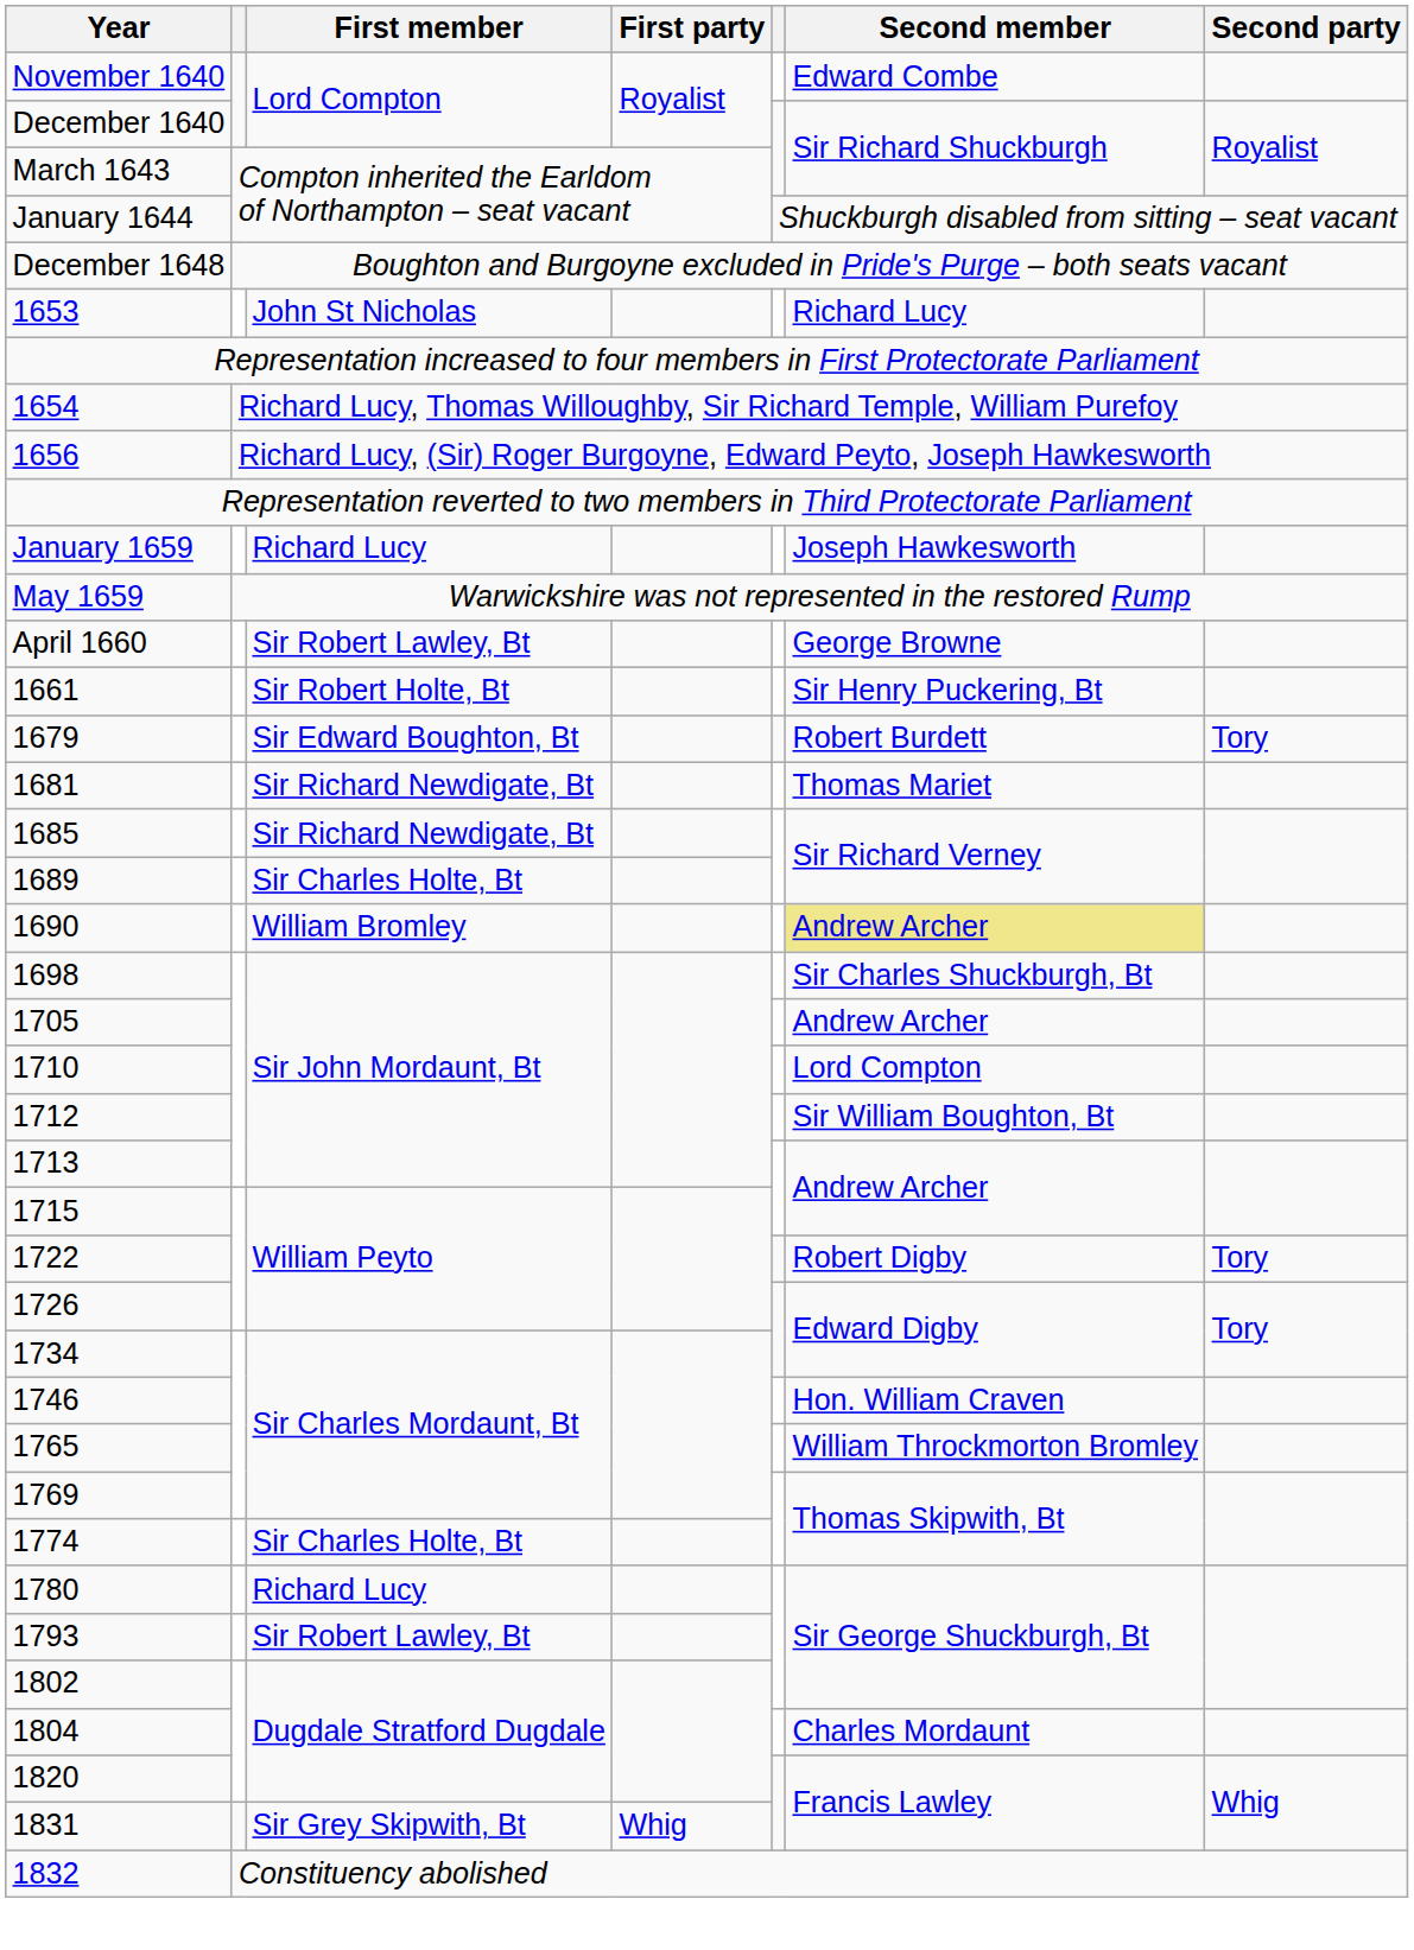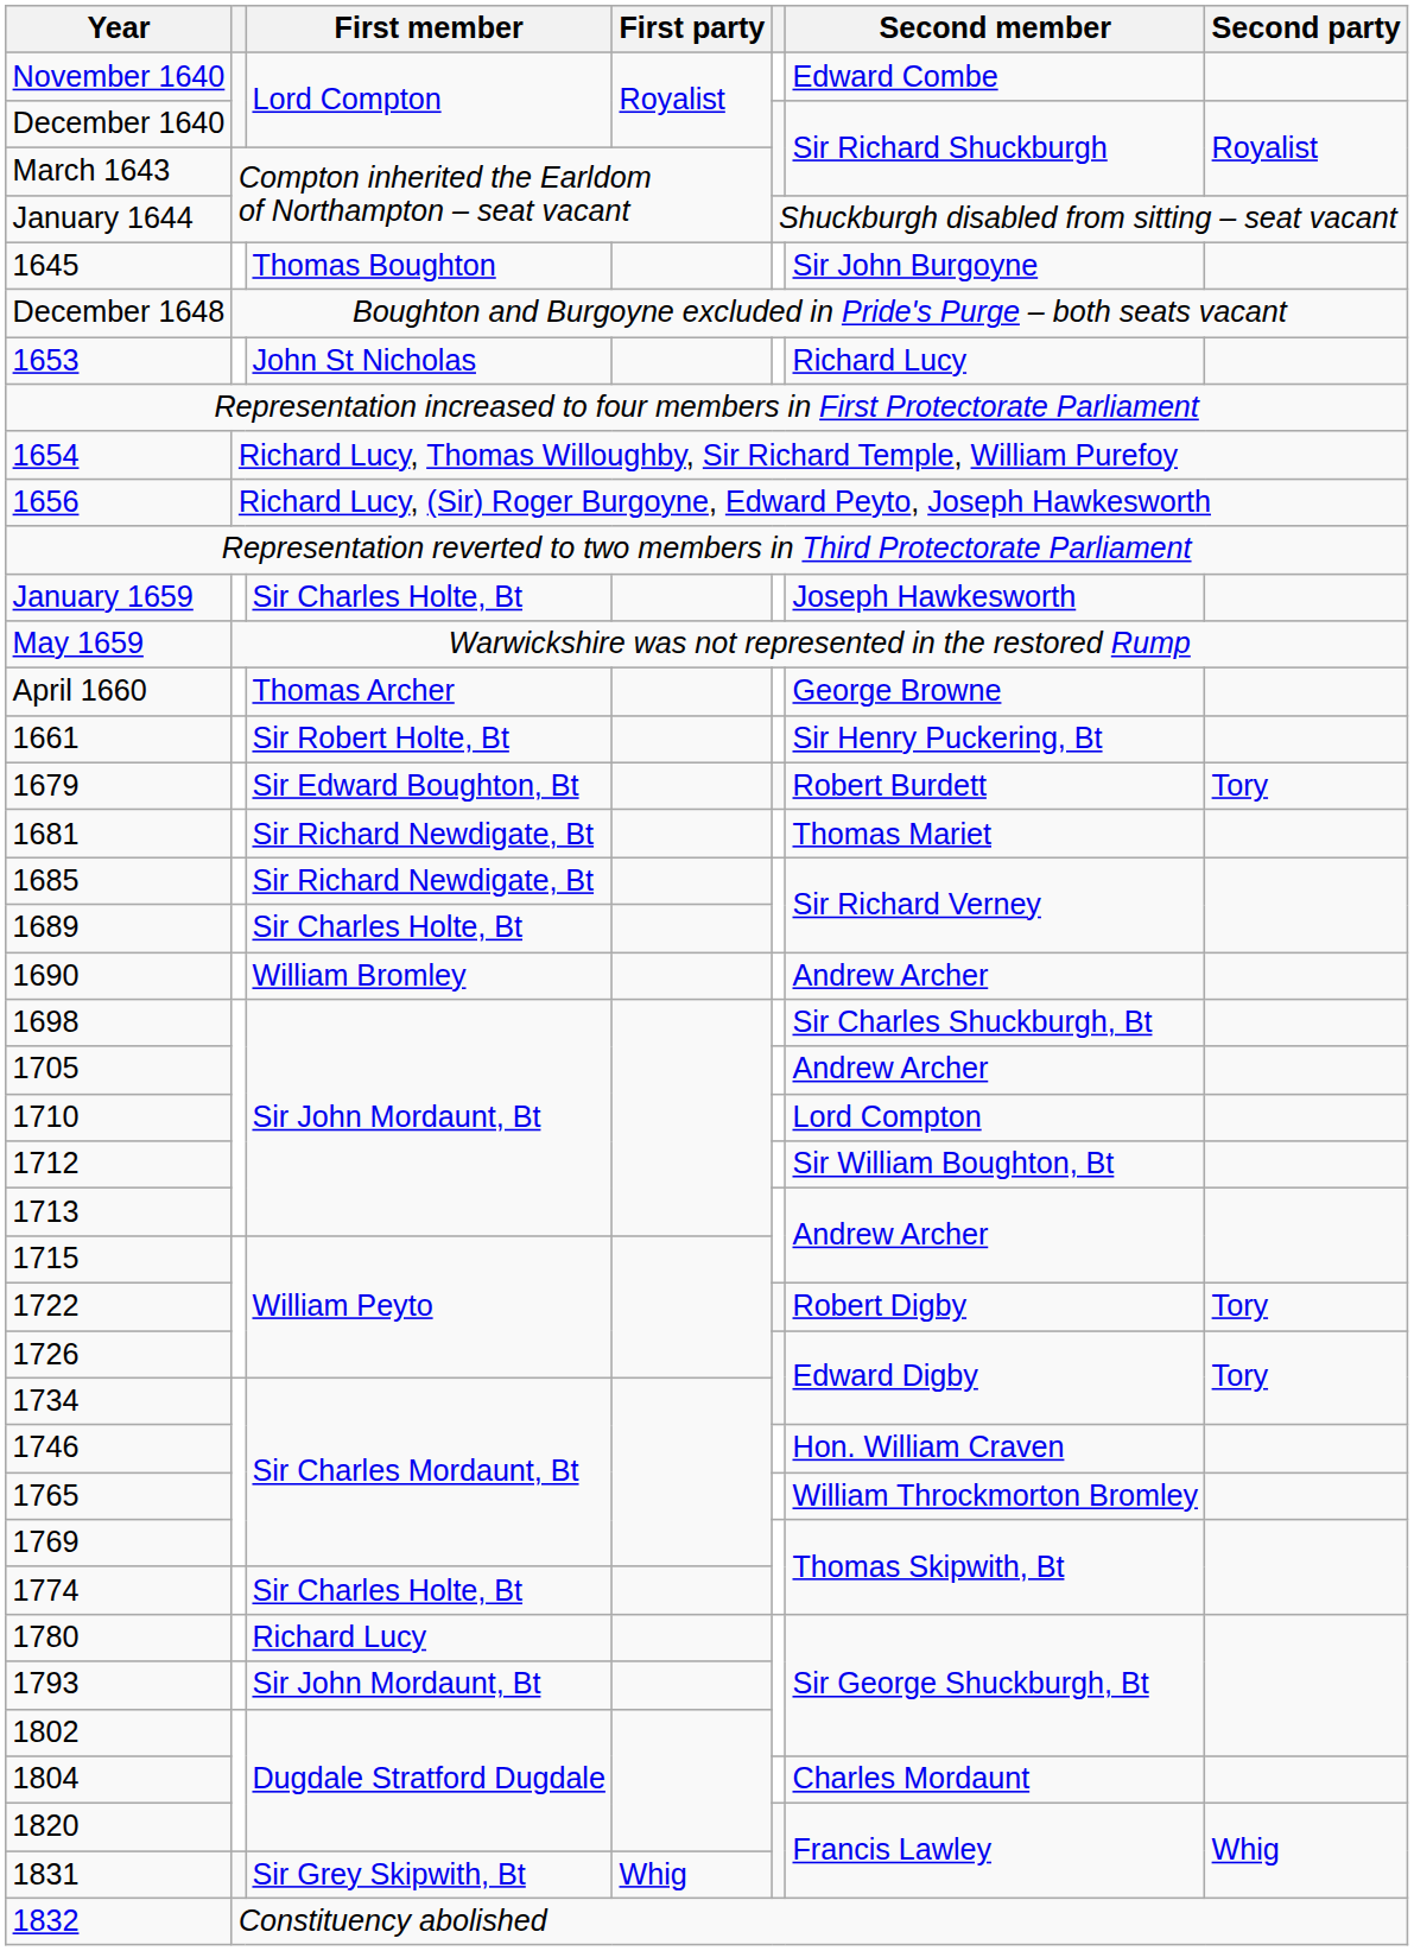 <table class="wikitable">
 <tr>
 <th>Year</th>
 <th></th>
 <th>First member</th>
 <th>First party</th>
 <th></th>
 <th>Second member</th>
 <th>Second party</th>
 </tr>
 <tr>
 <td><a href='#'>November 1640</a></td>
 <td rowspan="2" style="color:inherit;background-color: "></td>
 <td rowspan="2"><a href='#'>Lord Compton</a></td>
 <td rowspan="2"><a href='#'>Royalist</a></td>
 <td style="color:inherit;background-color: white"></td>
 <td><a href='#'>Edward Combe</a></td>
 <td></td>
 </tr>
 <tr>
 <td>December 1640</td>
 <td rowspan="2" style="color:inherit;background-color: "></td>
 <td rowspan="2"><a href='#'>Sir Richard Shuckburgh</a></td>
 <td rowspan="2"><a href='#'>Royalist</a></td>
 </tr>
 <tr>
 <td>March 1643</td>
 <td rowspan="2" colspan="3"><em>Compton inherited the Earldom<br>of Northampton – seat vacant</em></td>
 </tr>
 <tr>
 <td>January 1644</td>
 <td colspan="3"><em>Shuckburgh disabled from sitting – seat vacant</em></td>
 </tr>
 <tr>
+<td>1645</td>
+<td style="color:inherit;background-color: white"></td>
+<td><a href='#'>Thomas Boughton</a></td>
+<td></td>
+<td style="color:inherit;background-color: white"></td>
+<td><a href='#'>Sir John Burgoyne</a></td>
+<td></td>
+</tr>
+<tr>
 <td>December 1648</td>
 <td colspan="6" align=center><em>Boughton and Burgoyne excluded in <a href='#'>Pride's Purge</a> – both seats vacant</em></td>
 </tr>
 <tr>
 <td><a href='#'>1653</a></td>
 <td style="color:inherit;background-color: white"></td>
 <td><a href='#'>John St Nicholas</a></td>
 <td></td>
 <td style="color:inherit;background-color: white"></td>
 <td><a href='#'>Richard Lucy</a></td>
 <td></td>
 </tr>
 <tr>
 <td colspan="7" align=center><em>Representation increased to four members in <a href='#'>First Protectorate Parliament</a></em></td>
 </tr>
 <tr>
 <td><a href='#'>1654</a></td>
 <td colspan="6"><a href='#'>Richard Lucy</a>, <a href='#'>Thomas Willoughby</a>, <a href='#'>Sir Richard Temple</a>, <a href='#'>William Purefoy</a></td>
 </tr>
 <tr>
 <td><a href='#'>1656</a></td>
 <td colspan="6"><a href='#'>Richard Lucy</a>, <a href='#'>(Sir) Roger Burgoyne</a>, <a href='#'>Edward Peyto</a>, <a href='#'>Joseph Hawkesworth</a></td>
 </tr>
 <tr>
 <td colspan="7" align=center><em>Representation reverted to two members in <a href='#'>Third Protectorate Parliament</a></em></td>
 </tr>
 <tr>
 <td><a href='#'>January 1659</a></td>
 <td style="color:inherit;background-color: white"></td>
-<td><a href='#'>Richard Lucy</a></td>
+<td><a href='#'>Sir Charles Holte, Bt</a></td>
 <td></td>
 <td style="color:inherit;background-color: white"></td>
 <td><a href='#'>Joseph Hawkesworth</a></td>
 <td></td>
 </tr>
 <tr>
 <td><a href='#'>May 1659</a></td>
 <td colspan="6" align=center><em>Warwickshire was not represented in the restored <a href='#'>Rump</a></em></td>
 </tr>
 <tr>
 <td>April 1660</td>
 <td style="color:inherit;background-color: white"></td>
-<td><a href='#'>Sir Robert Lawley, Bt</a></td>
+<td><a href='#'>Thomas Archer</a></td>
 <td></td>
 <td style="color:inherit;background-color: white"></td>
 <td><a href='#'>George Browne</a></td>
 <td></td>
 </tr>
 <tr>
 <td>1661</td>
 <td style="color:inherit;background-color: white"></td>
 <td><a href='#'>Sir Robert Holte, Bt</a></td>
 <td></td>
 <td style="color:inherit;background-color: white"></td>
 <td><a href='#'>Sir Henry Puckering, Bt</a></td>
 <td></td>
 </tr>
 <tr>
 <td>1679</td>
 <td style="color:inherit;background-color: white"></td>
 <td><a href='#'>Sir Edward Boughton, Bt</a></td>
 <td></td>
 <td style="color:inherit;background-color: "></td>
 <td><a href='#'>Robert Burdett</a></td>
 <td><a href='#'>Tory</a></td>
 </tr>
 <tr>
 <td>1681</td>
 <td style="color:inherit;background-color: white"></td>
 <td><a href='#'>Sir Richard Newdigate, Bt</a></td>
 <td></td>
 <td style="color:inherit;background-color: white"></td>
 <td><a href='#'>Thomas Mariet</a></td>
 <td></td>
 </tr>
 <tr>
 <td>1685</td>
 <td style="color:inherit;background-color: white"></td>
 <td><a href='#'>Sir Richard Newdigate, Bt</a></td>
 <td></td>
 <td rowspan="2" style="color:inherit;background-color: white"></td>
 <td rowspan="2"><a href='#'>Sir Richard Verney</a></td>
 <td rowspan="2"></td>
 </tr>
 <tr>
 <td>1689</td>
 <td style="color:inherit;background-color: white"></td>
 <td><a href='#'>Sir Charles Holte, Bt</a></td>
 <td></td>
 </tr>
 <tr>
 <td>1690</td>
 <td style="color:inherit;background-color: white"></td>
 <td><a href='#'>William Bromley</a></td>
 <td></td>
 <td style="color:inherit;background-color: white"></td>
-<td style="background: khaki;"><a href='#'>Andrew Archer</a></td>
+<td><a href='#'>Andrew Archer</a></td>
 <td></td>
 </tr>
 <tr>
 <td>1698</td>
 <td rowspan="5" style="color:inherit;background-color: white"></td>
 <td rowspan="5"><a href='#'>Sir John Mordaunt, Bt</a></td>
 <td rowspan="5"></td>
 <td style="color:inherit;background-color: white"></td>
 <td><a href='#'>Sir Charles Shuckburgh, Bt</a></td>
 <td></td>
 </tr>
 <tr>
 <td>1705</td>
 <td style="color:inherit;background-color: white"></td>
 <td><a href='#'>Andrew Archer</a></td>
 <td></td>
 </tr>
 <tr>
 <td>1710</td>
 <td style="color:inherit;background-color: white"></td>
 <td><a href='#'>Lord Compton</a></td>
 <td></td>
 </tr>
 <tr>
 <td>1712</td>
 <td style="color:inherit;background-color: white"></td>
 <td><a href='#'>Sir William Boughton, Bt</a></td>
 <td></td>
 </tr>
 <tr>
 <td>1713</td>
 <td rowspan="2" style="color:inherit;background-color: white"></td>
 <td rowspan="2"><a href='#'>Andrew Archer</a></td>
 <td rowspan="2"></td>
 </tr>
 <tr>
 <td>1715</td>
 <td rowspan="3" style="color:inherit;background-color: white"></td>
 <td rowspan="3"><a href='#'>William Peyto</a></td>
 <td rowspan="3"></td>
 </tr>
 <tr>
 <td>1722</td>
 <td style="color:inherit;background-color: "></td>
 <td><a href='#'>Robert Digby</a></td>
 <td><a href='#'>Tory</a></td>
 </tr>
 <tr>
 <td>1726</td>
 <td rowspan="2" style="color:inherit;background-color: "></td>
 <td rowspan="2"><a href='#'>Edward Digby</a></td>
 <td rowspan="2"><a href='#'>Tory</a></td>
 </tr>
 <tr>
 <td>1734</td>
 <td rowspan="4" style="color:inherit;background-color: white"></td>
 <td rowspan="4"><a href='#'>Sir Charles Mordaunt, Bt</a></td>
 <td rowspan="4"></td>
 </tr>
 <tr>
 <td>1746</td>
 <td style="color:inherit;background-color: white"></td>
 <td><a href='#'>Hon. William Craven</a></td>
 <td></td>
 </tr>
 <tr>
 <td>1765</td>
 <td style="color:inherit;background-color: white"></td>
 <td><a href='#'>William Throckmorton Bromley</a></td>
 <td></td>
 </tr>
 <tr>
 <td>1769</td>
 <td rowspan="2" style="color:inherit;background-color: white"></td>
 <td rowspan="2"><a href='#'>Thomas Skipwith, Bt</a></td>
 <td rowspan="2"></td>
 </tr>
 <tr>
 <td>1774</td>
 <td style="color:inherit;background-color: white"></td>
 <td><a href='#'>Sir Charles Holte, Bt</a></td>
 <td></td>
 </tr>
 <tr>
 <td>1780</td>
 <td style="color:inherit;background-color: white"></td>
 <td><a href='#'>Richard Lucy</a></td>
 <td></td>
 <td rowspan="3" style="color:inherit;background-color: white"></td>
 <td rowspan="3"><a href='#'>Sir George Shuckburgh, Bt</a></td>
 <td rowspan="3"></td>
 </tr>
 <tr>
 <td>1793</td>
 <td style="color:inherit;background-color: white"></td>
-<td><a href='#'>Sir Robert Lawley, Bt</a></td>
+<td><a href='#'>Sir John Mordaunt, Bt</a></td>
 <td></td>
 </tr>
 <tr>
 <td>1802</td>
 <td rowspan="3" style="color:inherit;background-color: white"></td>
 <td rowspan="3"><a href='#'>Dugdale Stratford Dugdale</a></td>
 <td rowspan="3"></td>
 </tr>
 <tr>
 <td>1804</td>
 <td style="color:inherit;background-color: white"></td>
 <td><a href='#'>Charles Mordaunt</a></td>
 <td></td>
 </tr>
 <tr>
 <td>1820</td>
 <td rowspan="2" style="color:inherit;background-color: "></td>
 <td rowspan="2"><a href='#'>Francis Lawley</a></td>
 <td rowspan="2"><a href='#'>Whig</a></td>
 </tr>
 <tr>
 <td>1831</td>
 <td style="color:inherit;background-color: "></td>
 <td><a href='#'>Sir Grey Skipwith, Bt</a></td>
 <td><a href='#'>Whig</a></td>
 </tr>
 <tr>
 <td><a href='#'>1832</a></td>
 <td colspan="6"><em>Constituency abolished</em></td>
 </tr>
 </table>
